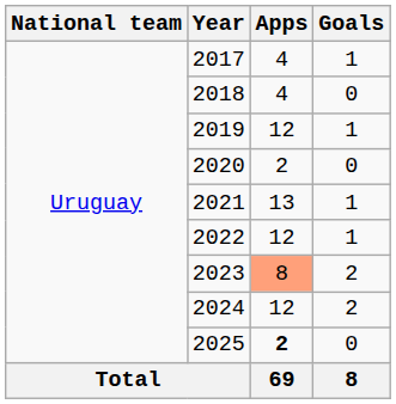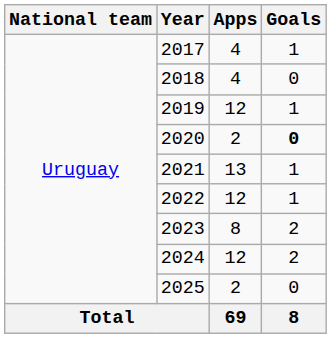 <table class="wikitable" style="text-align: center;">
 <tr>
 <th>National team</th>
 <th>Year</th>
 <th>Apps</th>
 <th>Goals</th>
 </tr>
 <tr>
 <td rowspan="9"><a href='#'>Uruguay</a></td>
 <td>2017</td>
 <td>4</td>
 <td>1</td>
 </tr>
 <tr>
 <td>2018</td>
 <td>4</td>
 <td>0</td>
 </tr>
 <tr>
 <td>2019</td>
 <td>12</td>
 <td>1</td>
 </tr>
 <tr>
 <td>2020</td>
 <td>2</td>
-<td>0</td>
+<td><strong>0</strong></td>
 </tr>
 <tr>
 <td>2021</td>
 <td>13</td>
 <td>1</td>
 </tr>
 <tr>
 <td>2022</td>
 <td>12</td>
 <td>1</td>
 </tr>
 <tr>
 <td>2023</td>
-<td style="background: lightsalmon;">8</td>
+<td>8</td>
 <td>2</td>
 </tr>
 <tr>
 <td>2024</td>
 <td>12</td>
 <td>2</td>
 </tr>
 <tr>
 <td>2025</td>
-<td><strong>2</strong></td>
+<td>2</td>
 <td>0</td>
 </tr>
 <tr>
 <th colspan="2">Total</th>
 <th>69</th>
 <th>8</th>
 </tr>
 </table>
